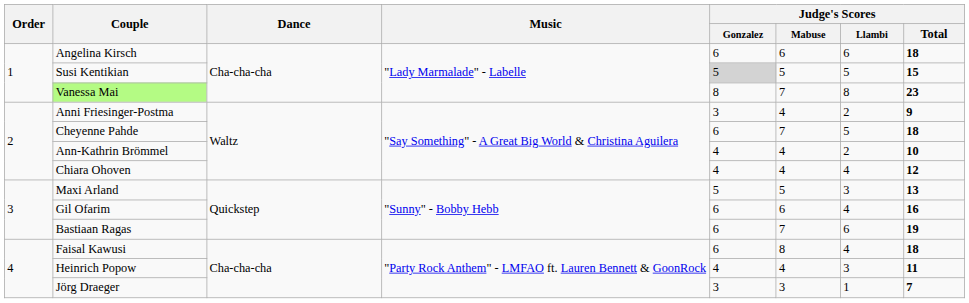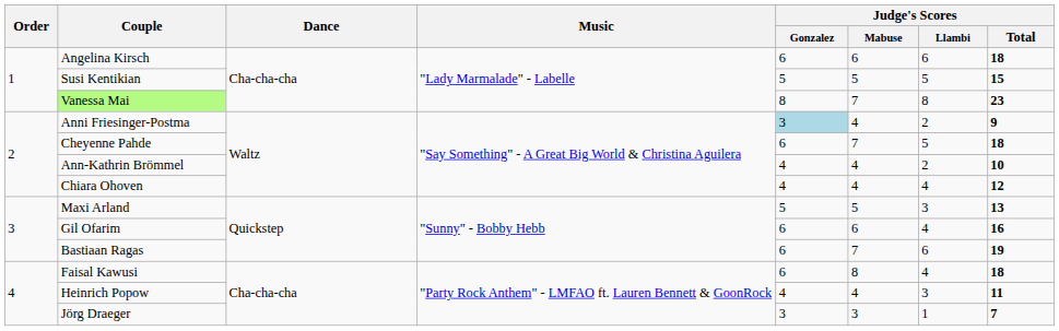 <table class="wikitable sortable center">
 <tr>
 <th rowspan="2" style="width: 4em">Order</th>
 <th rowspan="2" style="width: 17em">Couple</th>
 <th rowspan="2" style="width: 20em">Dance</th>
 <th rowspan="2" style="width: 40em">Music</th>
 <th colspan="4">Judge's Scores</th>
 </tr>
 <tr>
 <th style="width: 6em"><small> Gonzalez</small></th>
 <th style="width: 6em"><small> Mabuse</small></th>
 <th style="width: 6em"><small> Llambi</small></th>
 <th style="width: 6em">Total</th>
 </tr>
 <tr>
 <td rowspan=3>1</td>
 <td>Angelina Kirsch</td>
 <td rowspan=3>Cha-cha-cha</td>
 <td rowspan=3>"<a href='#'>Lady Marmalade</a>" - <a href='#'>Labelle</a></td>
 <td>6</td>
 <td>6</td>
 <td>6</td>
 <td><strong>18</strong></td>
 </tr>
 <tr>
 <td>Susi Kentikian</td>
-<td style="background: lightgrey;">5</td>
+<td>5</td>
 <td>5</td>
 <td>5</td>
 <td><strong>15</strong></td>
 </tr>
 <tr>
 <td bgcolor="#B4FB84">Vanessa Mai</td>
 <td>8</td>
 <td>7</td>
 <td>8</td>
 <td><strong>23</strong></td>
 </tr>
 <tr>
 <td rowspan=4>2</td>
 <td>Anni Friesinger-Postma</td>
 <td rowspan=4>Waltz</td>
 <td rowspan=4>"<a href='#'>Say Something</a>" - <a href='#'>A Great Big World</a> & <a href='#'>Christina Aguilera</a></td>
-<td>3</td>
+<td style="background: lightblue;">3</td>
 <td>4</td>
 <td>2</td>
 <td><strong>9</strong></td>
 </tr>
 <tr>
 <td>Cheyenne Pahde</td>
 <td>6</td>
 <td>7</td>
 <td>5</td>
 <td><strong>18</strong></td>
 </tr>
 <tr>
 <td>Ann-Kathrin Brömmel</td>
 <td>4</td>
 <td>4</td>
 <td>2</td>
 <td><strong>10</strong></td>
 </tr>
 <tr>
 <td>Chiara Ohoven</td>
 <td>4</td>
 <td>4</td>
 <td>4</td>
 <td><strong>12</strong></td>
 </tr>
 <tr>
 <td rowspan=3>3</td>
 <td>Maxi Arland</td>
 <td rowspan=3>Quickstep</td>
 <td rowspan=3>"<a href='#'>Sunny</a>" - <a href='#'>Bobby Hebb</a></td>
 <td>5</td>
 <td>5</td>
 <td>3</td>
 <td><strong>13</strong></td>
 </tr>
 <tr>
 <td>Gil Ofarim</td>
 <td>6</td>
 <td>6</td>
 <td>4</td>
 <td><strong>16</strong></td>
 </tr>
 <tr>
 <td>Bastiaan Ragas</td>
 <td>6</td>
 <td>7</td>
 <td>6</td>
 <td><strong>19</strong></td>
 </tr>
 <tr>
 <td rowspan=3>4</td>
 <td>Faisal Kawusi</td>
 <td rowspan=3>Cha-cha-cha</td>
 <td rowspan=3>"<a href='#'>Party Rock Anthem</a>" - <a href='#'>LMFAO</a> ft. <a href='#'>Lauren Bennett</a> & <a href='#'>GoonRock</a></td>
 <td>6</td>
 <td>8</td>
 <td>4</td>
 <td><strong>18</strong></td>
 </tr>
 <tr>
 <td>Heinrich Popow</td>
 <td>4</td>
 <td>4</td>
 <td>3</td>
 <td><strong>11</strong></td>
 </tr>
 <tr>
 <td>Jörg Draeger</td>
 <td>3</td>
 <td>3</td>
 <td>1</td>
 <td><strong>7</strong></td>
 </tr>
 </table>
